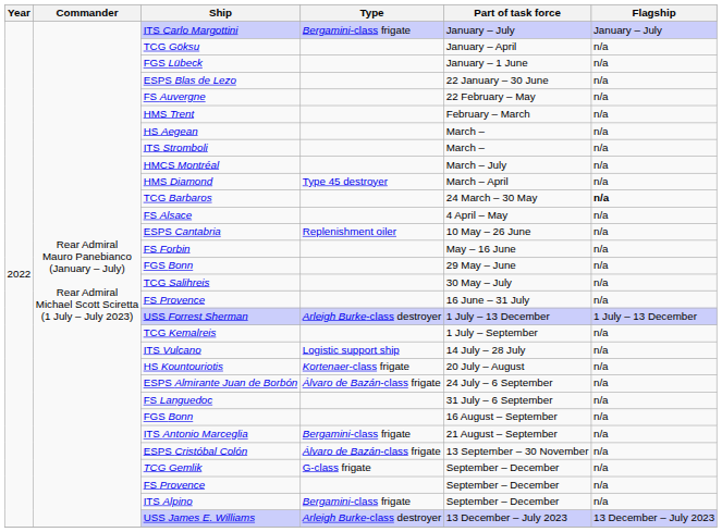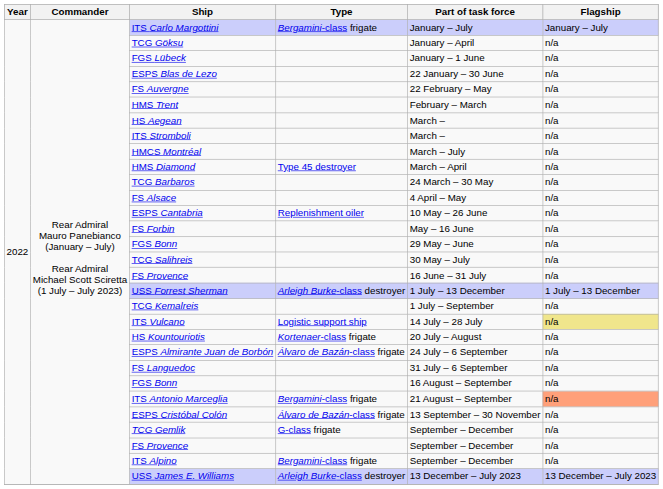 <table class="wikitable">
 <tr style="font-weight:bold; background-color:#9b9b9b;">
 <th>Year</th>
 <th>Commander</th>
 <th>Ship</th>
 <th>Type</th>
 <th>Part of task force</th>
 <th>Flagship</th>
 </tr>
 <tr>
 <td rowspan="30" style="text-align:center;">2022<br></td>
 <td rowspan="30" style="text-align:center;"><br>Rear Admiral <br>Mauro Panebianco <br>(January – July)<br><br>Rear Admiral <br>Michael Scott Sciretta <br>(1 July – July 2023)</td>
 <td style="background-color:#cbcefb;"> <a href='#'>ITS <em>Carlo Margottini</em></a></td>
 <td style="background-color:#cbcefb;"><a href='#'><em>Bergamini</em>-class</a> frigate</td>
 <td style="background-color:#cbcefb;">January – July</td>
 <td style="background-color:#cbcefb;">January – July</td>
 </tr>
 <tr>
 <td> <a href='#'>TCG <em>Göksu</em></a></td>
 <td></td>
 <td>January – April</td>
 <td>n/a</td>
 </tr>
 <tr>
 <td> <a href='#'>FGS <em>Lübeck</em></a></td>
 <td></td>
 <td>January – 1 June</td>
 <td>n/a</td>
 </tr>
 <tr>
 <td> <a href='#'>ESPS <em>Blas de Lezo</em></a></td>
 <td></td>
 <td>22 January – 30 June</td>
 <td>n/a</td>
 </tr>
 <tr>
 <td> <a href='#'>FS <em>Auvergne</em></a></td>
 <td></td>
 <td>22 February – May</td>
 <td>n/a</td>
 </tr>
 <tr>
 <td> <a href='#'>HMS <em>Trent</em></a></td>
 <td></td>
 <td>February – March</td>
 <td>n/a</td>
 </tr>
 <tr>
 <td> <a href='#'>HS <em>Aegean</em></a></td>
 <td></td>
 <td>March –</td>
 <td>n/a</td>
 </tr>
 <tr>
 <td> <a href='#'>ITS <em>Stromboli</em></a></td>
 <td></td>
 <td>March –</td>
 <td>n/a</td>
 </tr>
 <tr>
 <td> <a href='#'>HMCS <em>Montréal</em></a></td>
 <td></td>
 <td>March – July</td>
 <td>n/a</td>
 </tr>
 <tr>
 <td> <a href='#'>HMS <em>Diamond</em></a></td>
 <td><a href='#'>Type 45 destroyer</a></td>
 <td>March – April</td>
 <td>n/a</td>
 </tr>
 <tr>
 <td> <a href='#'>TCG <em>Barbaros</em></a></td>
 <td></td>
 <td>24 March – 30 May</td>
-<td><strong>n/a</strong></td>
+<td>n/a</td>
 </tr>
 <tr>
 <td> <a href='#'>FS <em>Alsace</em></a></td>
 <td></td>
 <td>4 April – May</td>
 <td>n/a</td>
 </tr>
 <tr>
 <td> <a href='#'>ESPS <em>Cantabria</em></a></td>
 <td><a href='#'>Replenishment oiler</a></td>
 <td>10 May – 26 June</td>
 <td>n/a</td>
 </tr>
 <tr>
 <td> <a href='#'>FS <em>Forbin</em></a></td>
 <td></td>
 <td>May – 16 June</td>
 <td>n/a</td>
 </tr>
 <tr>
 <td> <a href='#'>FGS <em>Bonn</em></a></td>
 <td></td>
 <td>29 May – June</td>
 <td>n/a</td>
 </tr>
 <tr>
 <td> <a href='#'>TCG <em>Salihreis</em></a></td>
 <td></td>
 <td>30 May – July</td>
 <td>n/a</td>
 </tr>
 <tr>
 <td> <a href='#'>FS <em>Provence</em></a></td>
 <td></td>
 <td>16 June – 31 July</td>
 <td>n/a</td>
 </tr>
 <tr>
 <td style="background-color:#cbcefb;"> <a href='#'>USS <em>Forrest Sherman</em></a></td>
 <td style="background-color:#cbcefb;"><a href='#'><em>Arleigh Burke</em>-class</a> destroyer</td>
 <td style="background-color:#cbcefb;">1 July – 13 December</td>
 <td style="background-color:#cbcefb;">1 July – 13 December</td>
 </tr>
 <tr>
 <td> <a href='#'>TCG <em>Kemalreis</em></a></td>
 <td></td>
 <td>1 July – September</td>
 <td>n/a</td>
 </tr>
 <tr>
 <td> <a href='#'>ITS <em>Vulcano</em></a></td>
 <td><a href='#'>Logistic support ship</a></td>
 <td>14 July  – 28 July</td>
-<td>n/a</td>
+<td style="background: khaki;">n/a</td>
 </tr>
 <tr>
 <td> <a href='#'>HS <em>Kountouriotis</em></a></td>
 <td><a href='#'><em>Kortenaer</em>-class</a> frigate</td>
 <td>20 July – August</td>
 <td>n/a</td>
 </tr>
 <tr>
 <td> <a href='#'>ESPS <em>Almirante Juan de Borbón</em></a></td>
 <td><a href='#'><em>Álvaro de Bazán</em>-class</a> frigate</td>
 <td>24 July – 6 September</td>
 <td>n/a</td>
 </tr>
 <tr>
 <td> <a href='#'>FS <em>Languedoc</em></a></td>
 <td></td>
 <td>31 July – 6 September</td>
 <td>n/a</td>
 </tr>
 <tr>
 <td> <a href='#'>FGS <em>Bonn</em></a></td>
 <td></td>
 <td>16 August – September</td>
 <td>n/a</td>
 </tr>
 <tr>
 <td> <a href='#'>ITS <em>Antonio Marceglia</em></a></td>
 <td><a href='#'><em>Bergamini</em>-class</a> frigate</td>
 <td>21 August – September</td>
-<td>n/a</td>
+<td style="background: lightsalmon;">n/a</td>
 </tr>
 <tr>
 <td> <a href='#'>ESPS <em>Cristóbal Colón</em></a></td>
 <td><a href='#'><em>Álvaro de Bazán</em>-class</a> frigate</td>
 <td>13 September – 30 November</td>
 <td>n/a</td>
 </tr>
 <tr>
 <td> <a href='#'><em>TCG Gemlik</em></a></td>
 <td><a href='#'>G-class</a> frigate</td>
 <td>September – December</td>
 <td>n/a</td>
 </tr>
 <tr>
 <td> <a href='#'>FS <em>Provence</em></a></td>
 <td></td>
 <td>September – December</td>
 <td>n/a</td>
 </tr>
 <tr>
 <td> <a href='#'>ITS <em>Alpino</em></a></td>
 <td><a href='#'><em>Bergamini</em>-class</a> frigate</td>
 <td>September – December</td>
 <td>n/a</td>
 </tr>
 <tr>
 <td style="background-color:#cbcefb;"> <a href='#'>USS <em>James E. Williams</em></a></td>
 <td style="background-color:#cbcefb;"><a href='#'><em>Arleigh Burke</em>-class</a> destroyer</td>
 <td style="background-color:#cbcefb;">13 December – July 2023</td>
 <td style="background-color:#cbcefb;">13 December – July 2023</td>
 </tr>
 <tr>
 </tr>
 </table>
